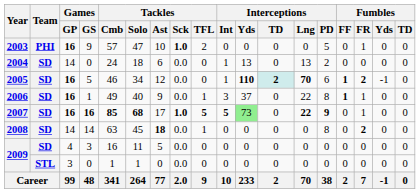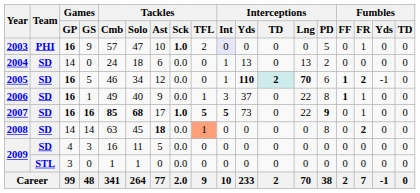 <table class="wikitable" style="text-align:center;">
 <tr>
 <th rowspan="2">Year</th>
 <th rowspan="2">Team</th>
 <th colspan="2">Games</th>
 <th colspan="5">Tackles</th>
 <th colspan="5">Interceptions</th>
 <th colspan="4">Fumbles</th>
 </tr>
 <tr>
 <th>GP</th>
 <th>GS</th>
 <th>Cmb</th>
 <th>Solo</th>
 <th>Ast</th>
 <th>Sck</th>
 <th>TFL</th>
 <th>Int</th>
 <th>Yds</th>
 <th>TD</th>
 <th>Lng</th>
 <th>PD</th>
 <th>FF</th>
 <th>FR</th>
 <th>Yds</th>
 <th>TD</th>
 </tr>
 <tr>
 <th><a href='#'>2003</a></th>
 <th><a href='#'>PHI</a></th>
 <td><strong>16</strong></td>
 <td>9</td>
 <td>57</td>
 <td>47</td>
 <td>10</td>
 <td><strong>1.0</strong></td>
 <td>2</td>
-<td>0</td>
+<td style="background: lavender;">0</td>
 <td>0</td>
 <td>0</td>
 <td>0</td>
 <td>5</td>
 <td>0</td>
 <td>1</td>
 <td>0</td>
 <td>0</td>
 </tr>
 <tr>
 <th><a href='#'>2004</a></th>
 <th><a href='#'>SD</a></th>
 <td>14</td>
 <td>0</td>
 <td>24</td>
 <td>18</td>
 <td>6</td>
 <td>0.0</td>
 <td>0</td>
 <td>1</td>
 <td>13</td>
 <td>0</td>
 <td>13</td>
 <td>2</td>
 <td>0</td>
 <td>0</td>
 <td>0</td>
 <td>0</td>
 </tr>
 <tr>
 <th><a href='#'>2005</a></th>
 <th><a href='#'>SD</a></th>
 <td><strong>16</strong></td>
 <td>5</td>
 <td>46</td>
 <td>34</td>
 <td>12</td>
 <td>0.0</td>
 <td>0</td>
 <td>1</td>
 <td><strong>110</strong></td>
 <td style="background:#cfecec; width:3em;"><strong>2</strong></td>
 <td><strong>70</strong></td>
 <td>6</td>
 <td><strong>1</strong></td>
 <td><strong>2</strong></td>
 <td>-1</td>
 <td>0</td>
 </tr>
 <tr>
 <th><a href='#'>2006</a></th>
 <th><a href='#'>SD</a></th>
 <td><strong>16</strong></td>
 <td>1</td>
 <td>49</td>
 <td>40</td>
 <td>9</td>
 <td>0.0</td>
 <td>1</td>
 <td>3</td>
 <td>37</td>
 <td>0</td>
 <td>22</td>
 <td>8</td>
 <td><strong>1</strong></td>
 <td>1</td>
 <td>0</td>
 <td>0</td>
 </tr>
 <tr>
 <th><a href='#'>2007</a></th>
 <th><a href='#'>SD</a></th>
 <td><strong>16</strong></td>
 <td><strong>16</strong></td>
 <td><strong>85</strong></td>
 <td><strong>68</strong></td>
 <td>17</td>
 <td><strong>1.0</strong></td>
 <td><strong>5</strong></td>
 <td><strong>5</strong></td>
-<td style="background: lightgreen;">73</td>
+<td>73</td>
 <td>0</td>
-<td><strong>22</strong></td>
+<td>22</td>
 <td><strong>9</strong></td>
 <td>0</td>
 <td>1</td>
 <td>0</td>
 <td>0</td>
 </tr>
 <tr>
 <th><a href='#'>2008</a></th>
 <th><a href='#'>SD</a></th>
 <td>14</td>
 <td>14</td>
 <td>63</td>
 <td>45</td>
 <td><strong>18</strong></td>
 <td>0.0</td>
-<td>1</td>
+<td style="background: lightsalmon;">1</td>
 <td>0</td>
 <td>0</td>
 <td>0</td>
 <td>0</td>
 <td>8</td>
 <td>0</td>
 <td><strong>2</strong></td>
 <td>0</td>
 <td>0</td>
 </tr>
 <tr>
 <th rowspan="2"><a href='#'>2009</a></th>
 <th><a href='#'>SD</a></th>
 <td>4</td>
 <td>3</td>
 <td>16</td>
 <td>11</td>
 <td>5</td>
 <td>0.0</td>
 <td>0</td>
 <td>0</td>
 <td>0</td>
 <td>0</td>
 <td>0</td>
 <td>0</td>
 <td>0</td>
 <td>0</td>
 <td>0</td>
 <td>0</td>
 </tr>
 <tr>
 <th><a href='#'>STL</a></th>
 <td>3</td>
 <td>0</td>
 <td>1</td>
 <td>1</td>
 <td>0</td>
 <td>0.0</td>
 <td>0</td>
 <td>0</td>
 <td>0</td>
 <td>0</td>
 <td>0</td>
 <td>0</td>
 <td>0</td>
 <td>0</td>
 <td>0</td>
 <td>0</td>
 </tr>
 <tr>
 <th colspan="2">Career</th>
 <th>99</th>
 <th>48</th>
 <th>341</th>
 <th>264</th>
 <th>77</th>
 <th>2.0</th>
 <th>9</th>
 <th>10</th>
 <th>233</th>
 <th>2</th>
 <th>70</th>
 <th>38</th>
 <th>2</th>
 <th>7</th>
 <th>-1</th>
 <th>0</th>
 </tr>
 </table>
